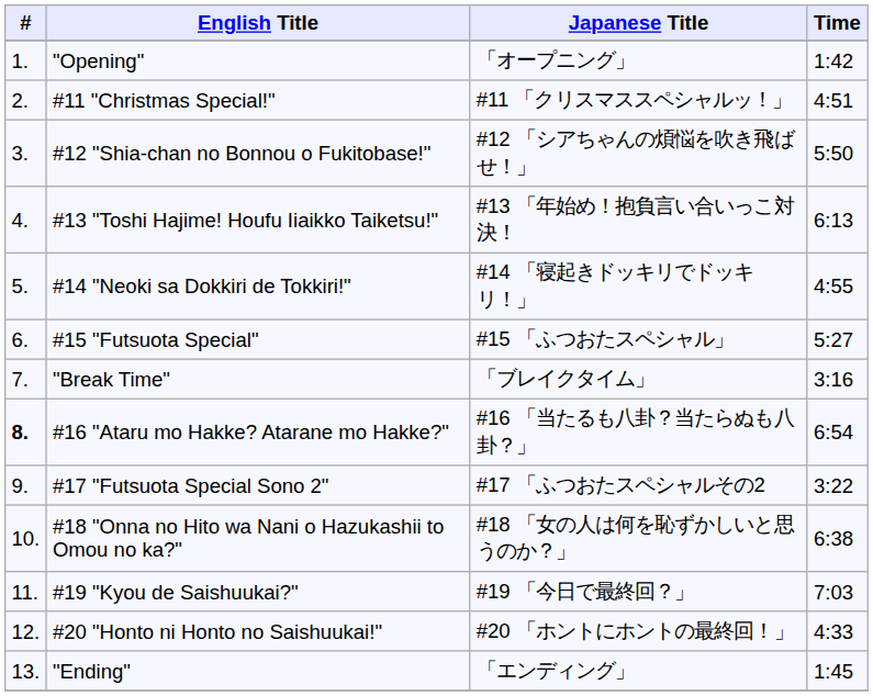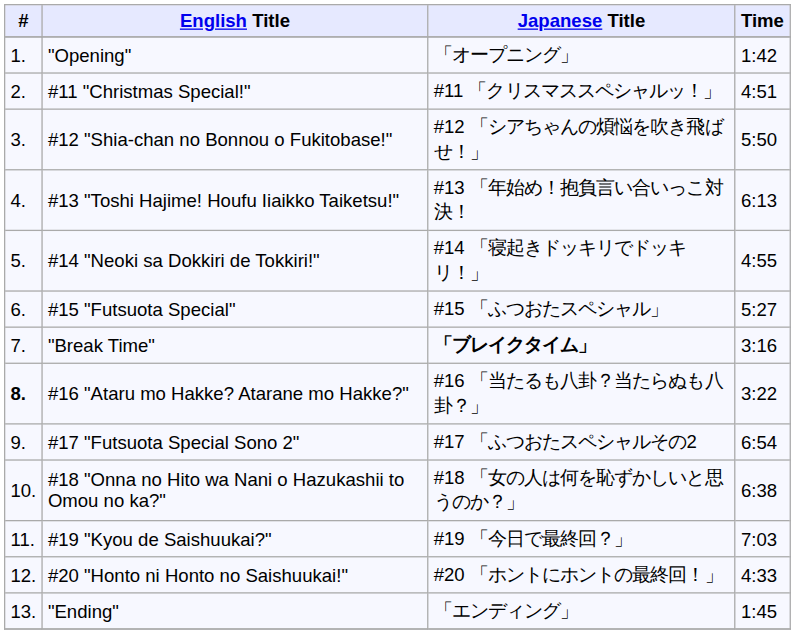 <table border="" cellpadding="4" cellspacing="0" style="border: 1px #aaaaaa solid; border-collapse: collapse; padding: 0.2em; margin: 1em 1em 1em 0; background: #f7f8ff; font-size:0.9em">
 <tr valign="middle" bgcolor="#e6e9ff">
 <th rowspan="1">#</th>
 <th rowspan="1"><a href='#'>English</a> Title</th>
 <th colspan="1"><a href='#'>Japanese</a> Title</th>
 <th rowspan="1">Time</th>
 </tr>
 <tr bgcolor="#e6e9ff">
 </tr>
 <tr>
 <td>1.</td>
 <td>"Opening"</td>
 <td>「オープニング」</td>
 <td>1:42</td>
 </tr>
 <tr>
 <td>2.</td>
 <td>#11 "Christmas Special!"</td>
 <td>#11 「クリスマススペシャルッ！」</td>
 <td>4:51</td>
 </tr>
 <tr>
 <td>3.</td>
 <td>#12 "Shia-chan no Bonnou o Fukitobase!"</td>
 <td>#12 「シアちゃんの煩悩を吹き飛ばせ！」</td>
 <td>5:50</td>
 </tr>
 <tr>
 <td>4.</td>
 <td>#13 "Toshi Hajime! Houfu Iiaikko Taiketsu!"</td>
 <td>#13 「年始め！抱負言い合いっこ対決！</td>
 <td>6:13</td>
 </tr>
 <tr>
 <td>5.</td>
 <td>#14 "Neoki sa Dokkiri de Tokkiri!"</td>
 <td>#14 「寝起きドッキリでドッキリ！」</td>
 <td>4:55</td>
 </tr>
 <tr>
 <td>6.</td>
 <td>#15 "Futsuota Special"</td>
 <td>#15 「ふつおたスペシャル」</td>
 <td>5:27</td>
 </tr>
 <tr>
 <td>7.</td>
 <td>"Break Time"</td>
-<td>「ブレイクタイム」</td>
+<td><strong>「ブレイクタイム」</strong></td>
 <td>3:16</td>
 </tr>
 <tr>
 <td><strong>8.</strong></td>
 <td>#16 "Ataru mo Hakke? Atarane mo Hakke?"</td>
 <td>#16 「当たるも八卦？当たらぬも八卦？」</td>
-<td>6:54</td>
+<td>3:22</td>
 </tr>
 <tr>
 <td>9.</td>
 <td>#17 "Futsuota Special Sono 2"</td>
 <td>#17 「ふつおたスペシャルその2</td>
-<td>3:22</td>
+<td>6:54</td>
 </tr>
 <tr>
 <td>10.</td>
 <td>#18 "Onna no Hito wa Nani o Hazukashii to Omou no ka?"</td>
 <td>#18 「女の人は何を恥ずかしいと思うのか？」</td>
 <td>6:38</td>
 </tr>
 <tr>
 <td>11.</td>
 <td>#19 "Kyou de Saishuukai?"</td>
 <td>#19 「今日で最終回？」</td>
 <td>7:03</td>
 </tr>
 <tr>
 <td>12.</td>
 <td>#20 "Honto ni Honto no Saishuukai!"</td>
 <td>#20 「ホントにホントの最終回！」</td>
 <td>4:33</td>
 </tr>
 <tr>
 <td>13.</td>
 <td>"Ending"</td>
 <td>「エンディング」</td>
 <td>1:45</td>
 </tr>
 <tr>
 </tr>
 </table>
